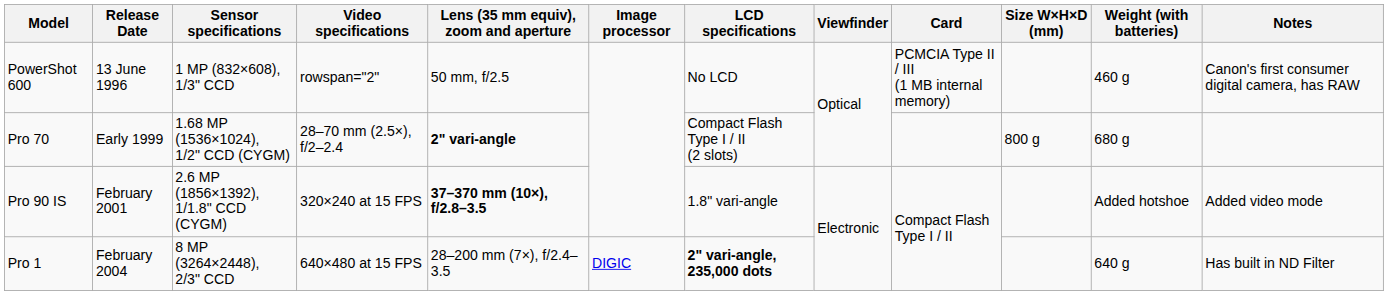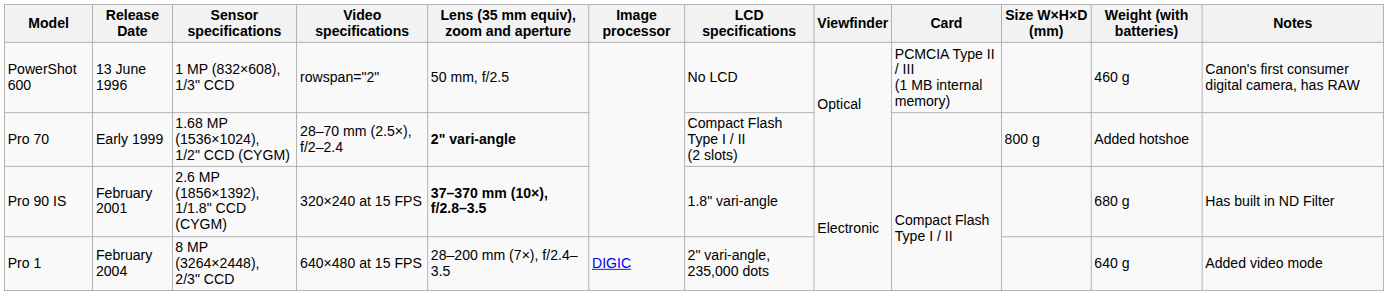 <table class="wikitable">
 <tr>
 <th>Model</th>
 <th>Release Date</th>
 <th>Sensor specifications</th>
 <th>Video specifications</th>
 <th>Lens (35 mm equiv), zoom and aperture</th>
 <th>Image processor</th>
 <th>LCD specifications</th>
 <th>Viewfinder</th>
 <th>Card</th>
 <th>Size W×H×D (mm)</th>
 <th>Weight (with batteries)</th>
 <th>Notes</th>
 </tr>
 <tr>
 <td>PowerShot 600</td>
 <td>13 June 1996</td>
 <td>1 MP (832×608),<br>1/3" CCD</td>
 <td>rowspan="2" </td>
 <td>50 mm, f/2.5</td>
 <td rowspan="3"></td>
 <td>No LCD</td>
 <td rowspan="2">Optical</td>
 <td>PCMCIA Type II / III <br> (1 MB internal memory)</td>
 <td></td>
 <td>460 g</td>
 <td>Canon's first consumer digital camera, has RAW</td>
 </tr>
 <tr>
 <td>Pro 70</td>
 <td>Early 1999</td>
 <td>1.68 MP (1536×1024),<br>1/2" CCD (CYGM)</td>
 <td>28–70 mm (2.5×), f/2–2.4</td>
 <td><strong>2" vari-angle</strong></td>
 <td>Compact Flash Type I / II <br> (2 slots)</td>
 <td></td>
 <td>800 g</td>
-<td>680 g</td>
+<td>Added hotshoe</td>
 </tr>
 <tr>
 <td>Pro 90 IS</td>
 <td>February 2001</td>
 <td>2.6 MP (1856×1392),<br>1/1.8" CCD (CYGM)</td>
 <td>320×240 at 15 FPS</td>
 <td><strong>37–370 mm (10×), f/2.8–3.5</strong></td>
 <td>1.8" vari-angle</td>
 <td rowspan="2">Electronic</td>
 <td rowspan="2">Compact Flash Type I / II</td>
 <td></td>
-<td>Added hotshoe</td>
-<td>Added video mode</td>
+<td>680 g</td>
+<td>Has built in ND Filter</td>
 </tr>
 <tr>
 <td>Pro 1</td>
 <td>February 2004</td>
 <td>8 MP (3264×2448),<br>2/3" CCD</td>
 <td>640×480 at 15 FPS</td>
 <td>28–200 mm (7×), f/2.4–3.5</td>
 <td><a href='#'>DIGIC</a></td>
-<td><strong>2" vari-angle,<br>235,000 dots</strong></td>
+<td>2" vari-angle,<br>235,000 dots</td>
 <td></td>
 <td>640 g</td>
-<td>Has built in ND Filter</td>
+<td>Added video mode</td>
 </tr>
 </table>
